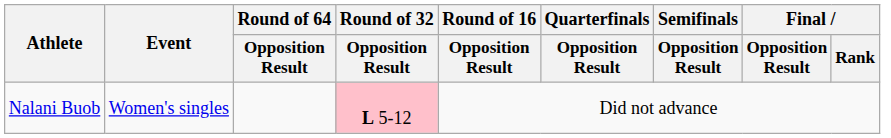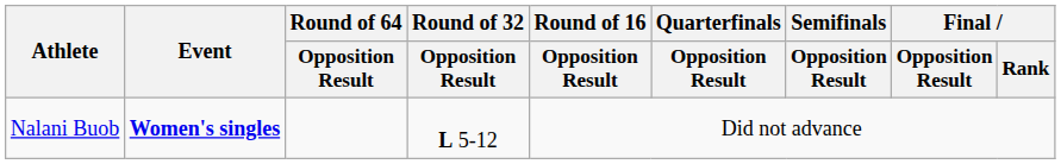 <table class="wikitable" style="font-size:90%;">
 <tr>
 <th rowspan=2>Athlete</th>
 <th rowspan=2>Event</th>
 <th>Round of 64</th>
 <th>Round of 32</th>
 <th>Round of 16</th>
 <th>Quarterfinals</th>
 <th>Semifinals</th>
 <th colspan=2>Final / </th>
 </tr>
 <tr style="font-size:95%">
 <th>Opposition<br>Result</th>
 <th>Opposition<br>Result</th>
 <th>Opposition<br>Result</th>
 <th>Opposition<br>Result</th>
 <th>Opposition<br>Result</th>
 <th>Opposition<br>Result</th>
 <th>Rank</th>
 </tr>
 <tr align=center>
 <td align=left><a href='#'>Nalani Buob</a></td>
-<td align=left><a href='#'>Women's singles</a></td>
+<td align=left><strong><a href='#'>Women's singles</a></strong></td>
 <td></td>
-<td style="background: pink;"><br><strong>L</strong> 5-12</td>
+<td><br><strong>L</strong> 5-12</td>
 <td colspan=5>Did not advance</td>
 </tr>
 </table>
